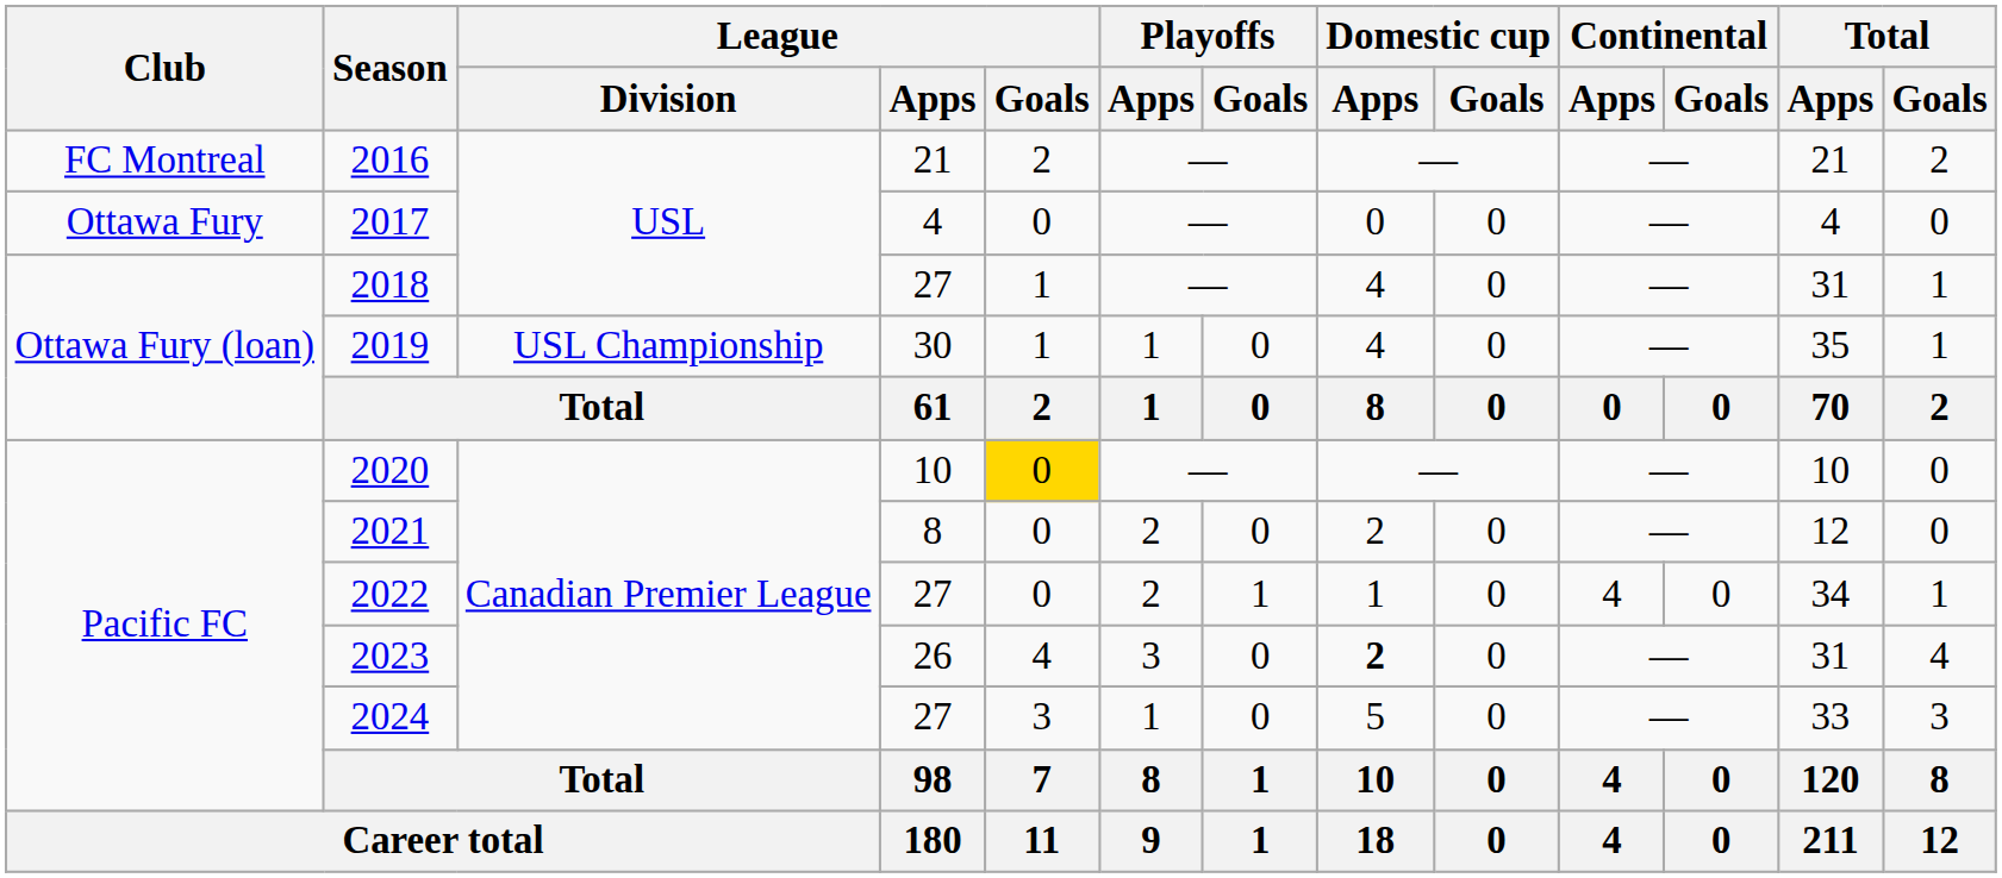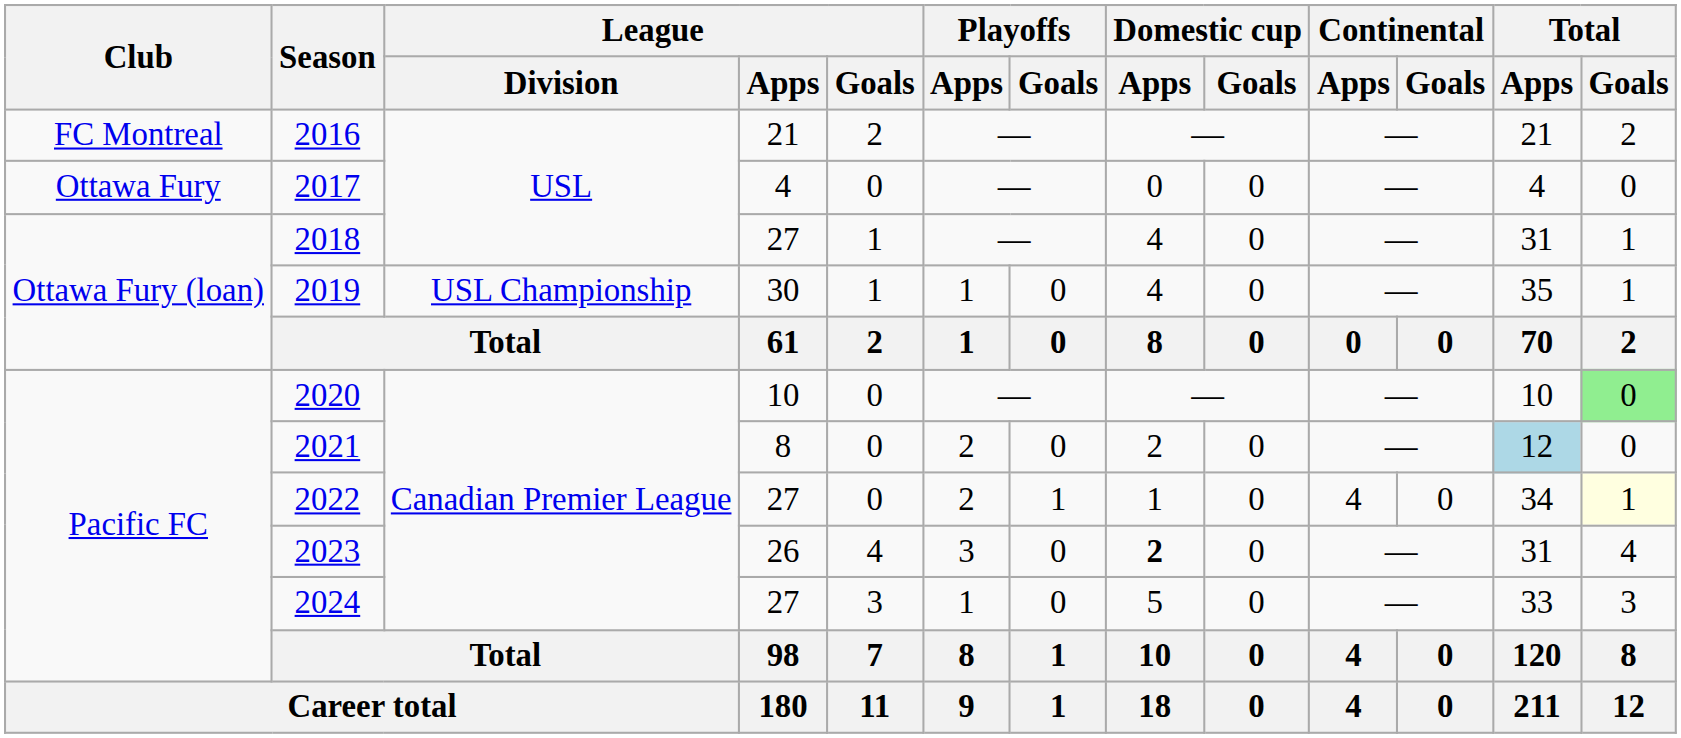 <table class="wikitable" style="text-align:center">
 <tr>
 <th rowspan="2">Club</th>
 <th rowspan="2">Season</th>
 <th colspan="3">League</th>
 <th colspan="2">Playoffs</th>
 <th colspan="2">Domestic cup</th>
 <th colspan="2">Continental</th>
 <th colspan="2">Total</th>
 </tr>
 <tr>
 <th>Division</th>
 <th>Apps</th>
 <th>Goals</th>
 <th>Apps</th>
 <th>Goals</th>
 <th>Apps</th>
 <th>Goals</th>
 <th>Apps</th>
 <th>Goals</th>
 <th>Apps</th>
 <th>Goals</th>
 </tr>
 <tr>
 <td><a href='#'>FC Montreal</a></td>
 <td><a href='#'>2016</a></td>
 <td rowspan="3"><a href='#'>USL</a></td>
 <td>21</td>
 <td>2</td>
 <td colspan="2">—</td>
 <td colspan="2">—</td>
 <td colspan="2">—</td>
 <td>21</td>
 <td>2</td>
 </tr>
 <tr>
 <td><a href='#'>Ottawa Fury</a></td>
 <td><a href='#'>2017</a></td>
 <td>4</td>
 <td>0</td>
 <td colspan="2">—</td>
 <td>0</td>
 <td>0</td>
 <td colspan="2">—</td>
 <td>4</td>
 <td>0</td>
 </tr>
 <tr>
 <td rowspan="3"><a href='#'>Ottawa Fury (loan)</a></td>
 <td><a href='#'>2018</a></td>
 <td>27</td>
 <td>1</td>
 <td colspan="2">—</td>
 <td>4</td>
 <td>0</td>
 <td colspan="2">—</td>
 <td>31</td>
 <td>1</td>
 </tr>
 <tr>
 <td><a href='#'>2019</a></td>
 <td><a href='#'>USL Championship</a></td>
 <td>30</td>
 <td>1</td>
 <td>1</td>
 <td>0</td>
 <td>4</td>
 <td>0</td>
 <td colspan="2">—</td>
 <td>35</td>
 <td>1</td>
 </tr>
 <tr>
 <th colspan="2">Total</th>
 <th>61</th>
 <th>2</th>
 <th>1</th>
 <th>0</th>
 <th>8</th>
 <th>0</th>
 <th>0</th>
 <th>0</th>
 <th>70</th>
 <th>2</th>
 </tr>
 <tr>
 <td rowspan="6"><a href='#'>Pacific FC</a></td>
 <td><a href='#'>2020</a></td>
 <td rowspan=5><a href='#'>Canadian Premier League</a></td>
 <td>10</td>
-<td style="background: gold;">0</td>
+<td>0</td>
 <td colspan="2">—</td>
 <td colspan="2">—</td>
 <td colspan="2">—</td>
 <td>10</td>
-<td>0</td>
+<td style="background: lightgreen;">0</td>
 </tr>
 <tr>
 <td><a href='#'>2021</a></td>
 <td>8</td>
 <td>0</td>
 <td>2</td>
 <td>0</td>
 <td>2</td>
 <td>0</td>
 <td colspan="2">—</td>
-<td>12</td>
+<td style="background: lightblue;">12</td>
 <td>0</td>
 </tr>
 <tr>
 <td><a href='#'>2022</a></td>
 <td>27</td>
 <td>0</td>
 <td>2</td>
 <td>1</td>
 <td>1</td>
 <td>0</td>
 <td>4</td>
 <td>0</td>
 <td>34</td>
-<td>1</td>
+<td style="background: lightyellow;">1</td>
 </tr>
 <tr>
 <td><a href='#'>2023</a></td>
 <td>26</td>
 <td>4</td>
 <td>3</td>
 <td>0</td>
 <td><strong>2</strong></td>
 <td>0</td>
 <td colspan="2">—</td>
 <td>31</td>
 <td>4</td>
 </tr>
 <tr>
 <td><a href='#'>2024</a></td>
 <td>27</td>
 <td>3</td>
 <td>1</td>
 <td>0</td>
 <td>5</td>
 <td>0</td>
 <td colspan="2">—</td>
 <td>33</td>
 <td>3</td>
 </tr>
 <tr>
 <th colspan="2">Total</th>
 <th>98</th>
 <th>7</th>
 <th>8</th>
 <th>1</th>
 <th>10</th>
 <th>0</th>
 <th>4</th>
 <th>0</th>
 <th>120</th>
 <th>8</th>
 </tr>
 <tr>
 <th colspan="3">Career total</th>
 <th>180</th>
 <th>11</th>
 <th>9</th>
 <th>1</th>
 <th>18</th>
 <th>0</th>
 <th>4</th>
 <th>0</th>
 <th>211</th>
 <th>12</th>
 </tr>
 </table>
